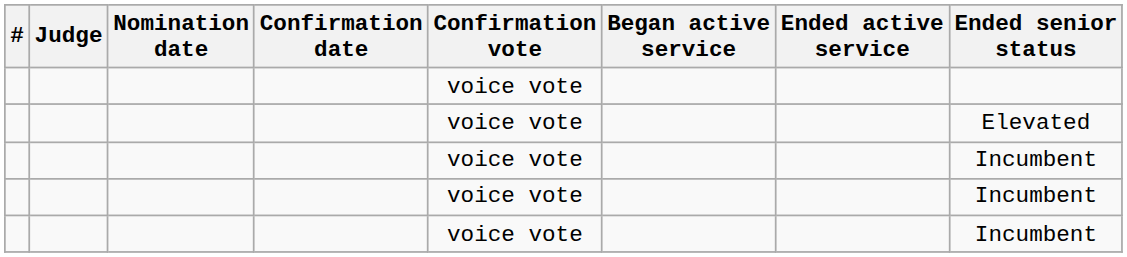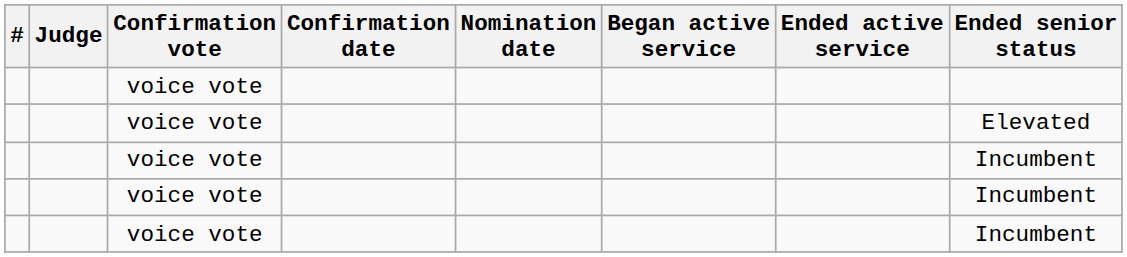 <table class="sortable wikitable">
 <tr>
 <th>#</th>
 <th>Judge</th>
+<th>Confirmation<br>vote</th>
+<th>Confirmation<br>date</th>
 <th>Nomination<br>date</th>
-<th>Confirmation<br>date</th>
-<th>Confirmation<br>vote</th>
 <th>Began active<br>service</th>
 <th>Ended active<br>service</th>
 <th>Ended senior<br>status</th>
 </tr>
 <tr>
 <td></td>
 <td></td>
+<td align=center>voice vote</td>
 <td></td>
 <td></td>
-<td align=center>voice vote</td>
 <td></td>
 <td></td>
 <td></td>
 </tr>
 <tr>
 <td></td>
 <td></td>
+<td align=center>voice vote</td>
 <td></td>
 <td></td>
-<td align=center>voice vote</td>
 <td></td>
 <td></td>
 <td align=center>Elevated</td>
 </tr>
 <tr>
 <td></td>
 <td></td>
+<td align=center>voice vote</td>
 <td></td>
 <td></td>
-<td align=center>voice vote</td>
 <td></td>
 <td></td>
 <td align=center>Incumbent</td>
 </tr>
 <tr>
 <td></td>
 <td></td>
+<td align=center>voice vote</td>
 <td></td>
 <td></td>
-<td align=center>voice vote</td>
 <td></td>
 <td></td>
 <td align=center>Incumbent</td>
 </tr>
 <tr>
 <td></td>
 <td></td>
+<td align=center>voice vote</td>
 <td></td>
 <td></td>
-<td align=center>voice vote</td>
 <td></td>
 <td></td>
 <td align=center>Incumbent</td>
 </tr>
 </table>
